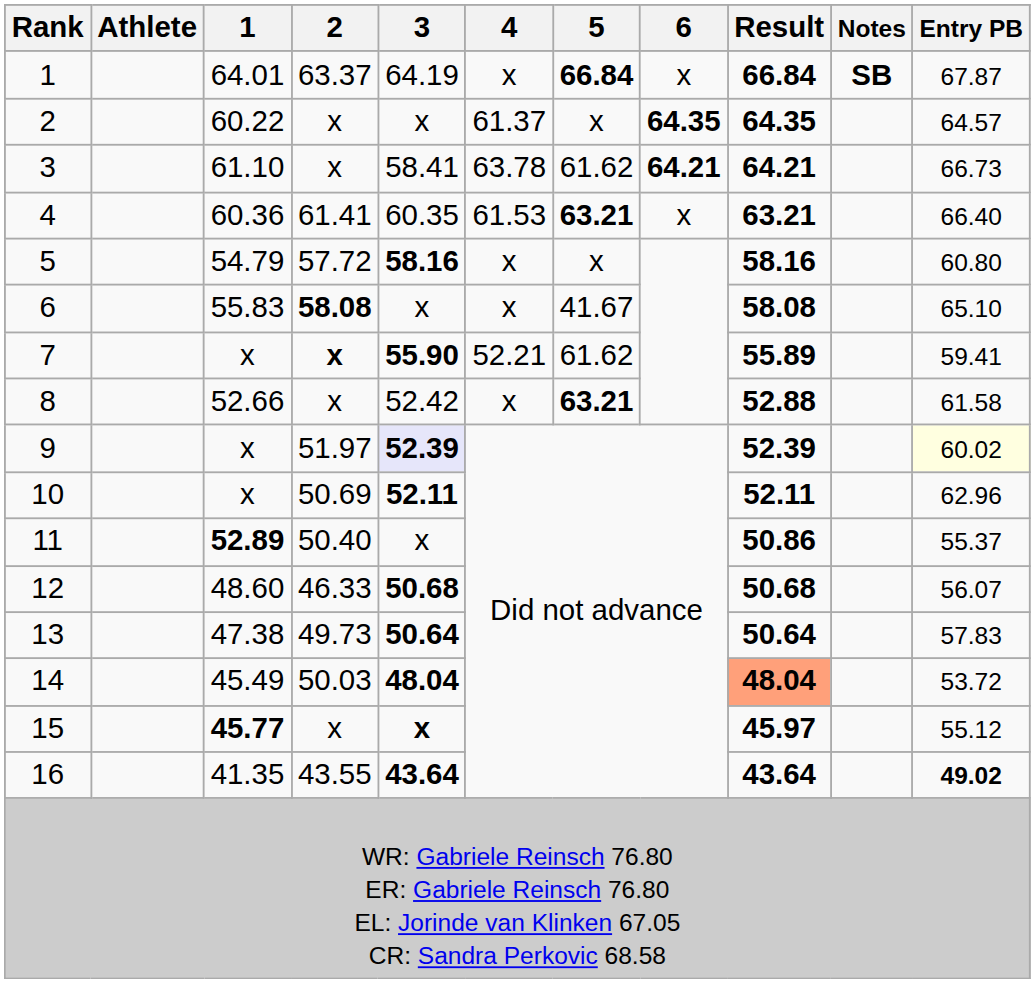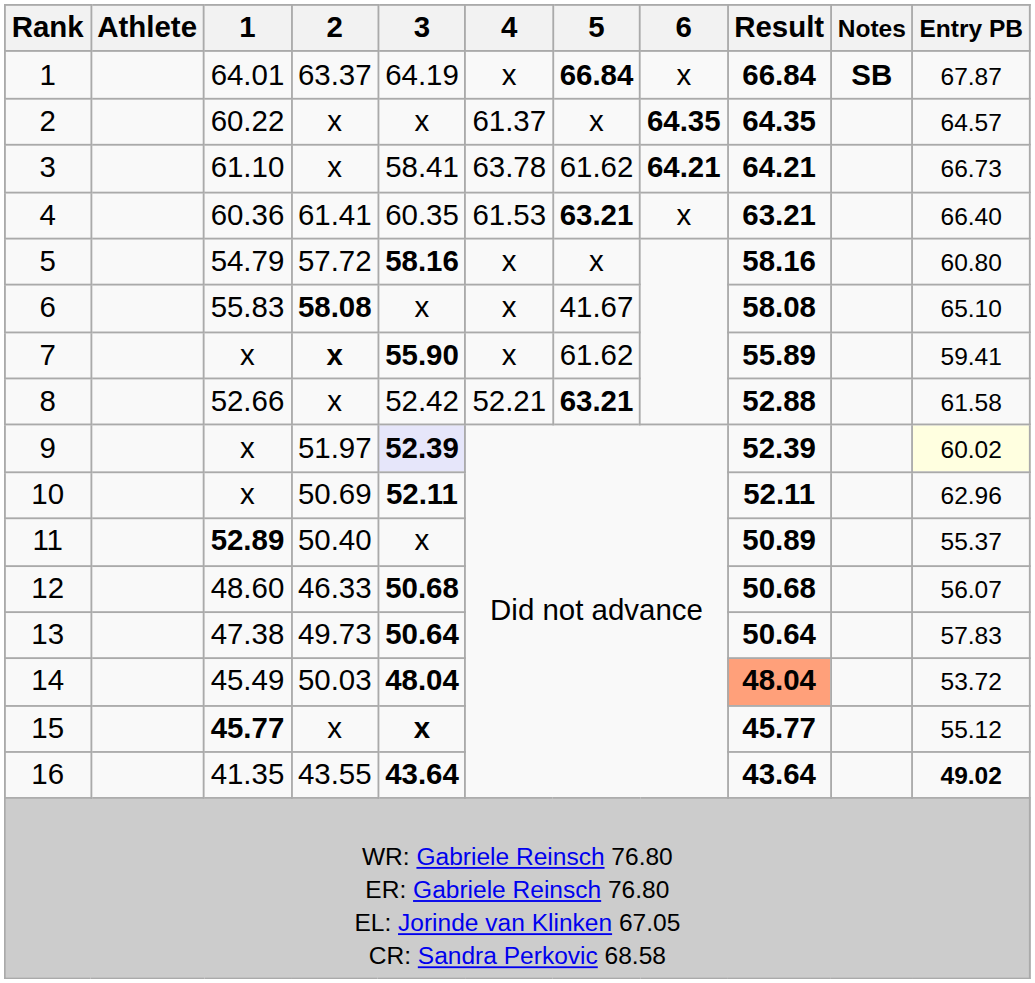 <table class="wikitable sortable" style="text-align:center;">
 <tr>
 <th>Rank</th>
 <th>Athlete</th>
 <th>1</th>
 <th>2</th>
 <th>3</th>
 <th>4</th>
 <th>5</th>
 <th>6</th>
 <th>Result</th>
 <th><small>Notes</small></th>
 <th><small>Entry PB</small></th>
 </tr>
 <tr>
 <td>1</td>
 <td align=left></td>
 <td>64.01</td>
 <td>63.37</td>
 <td>64.19</td>
 <td>x</td>
 <td><strong>66.84</strong></td>
 <td>x</td>
 <td><strong>66.84</strong></td>
 <td> <strong>SB</strong></td>
 <td><small>67.87</small></td>
 </tr>
 <tr>
 <td>2</td>
 <td align=left></td>
 <td>60.22</td>
 <td>x</td>
 <td>x</td>
 <td>61.37</td>
 <td>x</td>
 <td><strong>64.35</strong></td>
 <td><strong>64.35</strong></td>
 <td></td>
 <td><small>64.57</small></td>
 </tr>
 <tr>
 <td>3</td>
 <td align=left></td>
 <td>61.10</td>
 <td>x</td>
 <td>58.41</td>
 <td>63.78</td>
 <td>61.62</td>
 <td><strong>64.21</strong></td>
 <td><strong>64.21</strong></td>
 <td></td>
 <td><small>66.73</small></td>
 </tr>
 <tr>
 <td>4</td>
 <td align=left></td>
 <td>60.36</td>
 <td>61.41</td>
 <td>60.35</td>
 <td>61.53</td>
 <td><strong>63.21</strong></td>
 <td>x</td>
 <td><strong>63.21</strong></td>
 <td></td>
 <td><small>66.40</small></td>
 </tr>
 <tr>
 <td>5</td>
 <td align=left></td>
 <td>54.79</td>
 <td>57.72</td>
 <td><strong>58.16</strong></td>
 <td>x</td>
 <td>x</td>
 <td rowspan=4></td>
 <td><strong>58.16</strong></td>
 <td></td>
 <td><small>60.80</small></td>
 </tr>
 <tr>
 <td>6</td>
 <td align=left></td>
 <td>55.83</td>
 <td><strong>58.08</strong></td>
 <td>x</td>
 <td>x</td>
 <td>41.67</td>
 <td><strong>58.08</strong></td>
 <td></td>
 <td><small>65.10</small></td>
 </tr>
 <tr>
 <td>7</td>
 <td align=left></td>
 <td>x</td>
 <td><strong>x</strong></td>
 <td><strong>55.90</strong></td>
-<td>52.21</td>
+<td>x</td>
 <td>61.62</td>
 <td><strong>55.89</strong></td>
 <td></td>
 <td><small>59.41</small></td>
 </tr>
 <tr>
 <td>8</td>
 <td align=left></td>
 <td>52.66</td>
 <td>x</td>
 <td>52.42</td>
-<td>x</td>
+<td>52.21</td>
 <td><strong>63.21</strong></td>
 <td><strong>52.88</strong></td>
 <td></td>
 <td><small>61.58</small></td>
 </tr>
 <tr>
 <td>9</td>
 <td align=left></td>
 <td>x</td>
 <td>51.97</td>
 <td style="background: lavender;"><strong>52.39</strong></td>
 <td rowspan=8 colspan=3>Did not advance</td>
 <td><strong>52.39</strong></td>
 <td></td>
 <td style="background: lightyellow;"><small>60.02</small></td>
 </tr>
 <tr>
 <td>10</td>
 <td align=left></td>
 <td>x</td>
 <td>50.69</td>
 <td><strong>52.11</strong></td>
 <td><strong>52.11</strong></td>
 <td></td>
 <td><small>62.96</small></td>
 </tr>
 <tr>
 <td>11</td>
 <td align=left></td>
 <td><strong>52.89</strong></td>
 <td>50.40</td>
 <td>x</td>
-<td><strong>50.86</strong></td>
+<td><strong>50.89</strong></td>
 <td></td>
 <td><small>55.37</small></td>
 </tr>
 <tr>
 <td>12</td>
 <td align=left></td>
 <td>48.60</td>
 <td>46.33</td>
 <td><strong>50.68</strong></td>
 <td><strong>50.68</strong></td>
 <td></td>
 <td><small>56.07</small></td>
 </tr>
 <tr>
 <td>13</td>
 <td align=left></td>
 <td>47.38</td>
 <td>49.73</td>
 <td><strong>50.64</strong></td>
 <td><strong>50.64</strong></td>
 <td></td>
 <td><small>57.83</small></td>
 </tr>
 <tr>
 <td>14</td>
 <td align=left></td>
 <td>45.49</td>
 <td>50.03</td>
 <td><strong>48.04</strong></td>
 <td style="background: lightsalmon;"><strong>48.04</strong></td>
 <td></td>
 <td><small>53.72</small></td>
 </tr>
 <tr>
 <td>15</td>
 <td align=left></td>
 <td><strong>45.77</strong></td>
 <td>x</td>
 <td><strong>x</strong></td>
-<td><strong>45.97</strong></td>
+<td><strong>45.77</strong></td>
 <td></td>
 <td><small>55.12</small></td>
 </tr>
 <tr>
 <td>16</td>
 <td align=left></td>
 <td>41.35</td>
 <td>43.55</td>
 <td><strong>43.64</strong></td>
 <td><strong>43.64</strong></td>
 <td></td>
 <td><strong><small>49.02</small></strong></td>
 </tr>
 <tr>
 <td colspan="11" bgcolor="#cccccc"><br> <small>WR:  <a href='#'>Gabriele Reinsch</a> 76.80<br>ER:  <a href='#'>Gabriele Reinsch</a> 76.80<br></small> <small>EL:   <a href='#'>Jorinde van Klinken</a> 67.05<br>CR:  <a href='#'>Sandra Perkovic</a> 68.58</small></td>
 </tr>
 </table>
